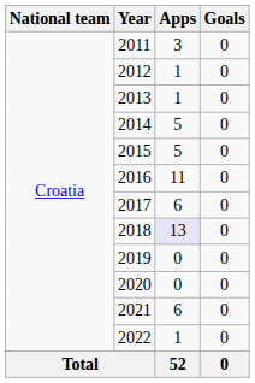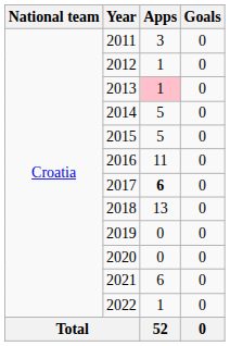 <table class="wikitable" style="text-align:center">
 <tr>
 <th>National team</th>
 <th>Year</th>
 <th>Apps</th>
 <th>Goals</th>
 </tr>
 <tr>
 <td rowspan="12"><a href='#'>Croatia</a></td>
 <td>2011</td>
 <td>3</td>
 <td>0</td>
 </tr>
 <tr>
 <td>2012</td>
 <td>1</td>
 <td>0</td>
 </tr>
 <tr>
 <td>2013</td>
-<td>1</td>
+<td style="background: pink;">1</td>
 <td>0</td>
 </tr>
 <tr>
 <td>2014</td>
 <td>5</td>
 <td>0</td>
 </tr>
 <tr>
 <td>2015</td>
 <td>5</td>
 <td>0</td>
 </tr>
 <tr>
 <td>2016</td>
 <td>11</td>
 <td>0</td>
 </tr>
 <tr>
 <td>2017</td>
-<td>6</td>
+<td><strong>6</strong></td>
 <td>0</td>
 </tr>
 <tr>
 <td>2018</td>
-<td style="background: lavender;">13</td>
+<td>13</td>
 <td>0</td>
 </tr>
 <tr>
 <td>2019</td>
 <td>0</td>
 <td>0</td>
 </tr>
 <tr>
 <td>2020</td>
 <td>0</td>
 <td>0</td>
 </tr>
 <tr>
 <td>2021</td>
 <td>6</td>
 <td>0</td>
 </tr>
 <tr>
 <td>2022</td>
 <td>1</td>
 <td>0</td>
 </tr>
 <tr>
 <th colspan="2">Total</th>
 <th>52</th>
 <th>0</th>
 </tr>
 </table>
